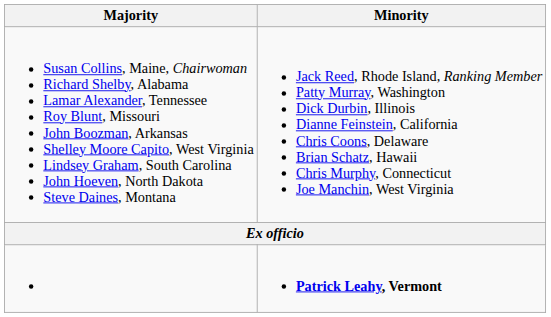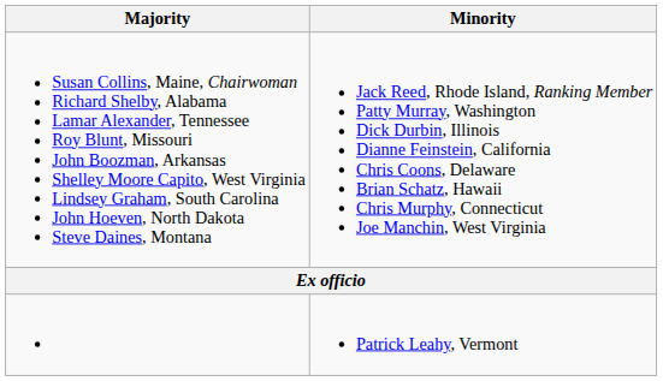 <table class=wikitable>
 <tr>
 <th>Majority</th>
 <th>Minority</th>
 </tr>
 <tr>
 <td><br><ul><li><a href='#'>Susan Collins</a>, Maine, <em>Chairwoman</em></li><li><a href='#'>Richard Shelby</a>, Alabama</li><li><a href='#'>Lamar Alexander</a>, Tennessee</li><li><a href='#'>Roy Blunt</a>, Missouri</li><li><a href='#'>John Boozman</a>, Arkansas</li><li><a href='#'>Shelley Moore Capito</a>, West Virginia</li><li><a href='#'>Lindsey Graham</a>, South Carolina</li><li><a href='#'>John Hoeven</a>, North Dakota</li><li><a href='#'>Steve Daines</a>, Montana</li></ul></td>
 <td><br><ul><li><a href='#'>Jack Reed</a>, Rhode Island, <em>Ranking Member</em></li><li><a href='#'>Patty Murray</a>, Washington</li><li><a href='#'>Dick Durbin</a>, Illinois</li><li><a href='#'>Dianne Feinstein</a>, California</li><li><a href='#'>Chris Coons</a>, Delaware</li><li><a href='#'>Brian Schatz</a>, Hawaii</li><li><a href='#'>Chris Murphy</a>, Connecticut</li><li><a href='#'>Joe Manchin</a>, West Virginia</li></ul></td>
 </tr>
 <tr>
 <th colspan=2 align=center><em>Ex officio</em></th>
 </tr>
 <tr>
 <td><br><ul><li></li></ul></td>
-<td><strong><br><ul><li><a href='#'>Patrick Leahy</a>, Vermont</li></ul></strong></td>
+<td><br><ul><li><a href='#'>Patrick Leahy</a>, Vermont</li></ul></td>
 </tr>
 </table>
